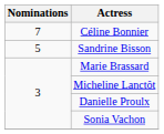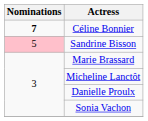 <table class="wikitable" style="text-align:center;">
 <tr>
 <th scope="col" width="5">Nominations</th>
 <th scope="col" align="center">Actress</th>
 </tr>
 <tr>
-<td rowspan="1" style="text-align:center;">7</td>
+<td rowspan="1" style="text-align:center;"><strong>7</strong></td>
 <td><a href='#'>Céline Bonnier</a></td>
 </tr>
 <tr>
-<td rowspan="1" style="text-align:center;">5</td>
+<td rowspan="1" style="background: pink; text-align:center;">5</td>
 <td><a href='#'>Sandrine Bisson</a></td>
 </tr>
 <tr>
 <td rowspan="4" style="text-align:center;">3</td>
 <td><a href='#'>Marie Brassard</a></td>
 </tr>
 <tr>
 <td><a href='#'>Micheline Lanctôt</a></td>
 </tr>
 <tr>
 <td><a href='#'>Danielle Proulx</a></td>
 </tr>
 <tr>
 <td><a href='#'>Sonia Vachon</a></td>
 </tr>
 <tr>
 </tr>
 </table>
